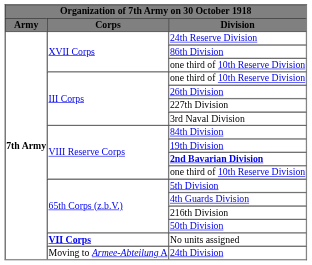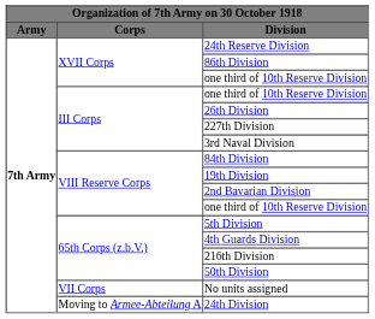 <table style="float: right;" border="1" cellpadding="1" cellspacing="0" style="font-size: 100%; border: gray solid 1px; border-collapse: collapse; text-align: center;">
 <tr style="background-color:grey; color:black;">
 <th colspan="3">Organization of 7th Army on 30 October 1918</th>
 </tr>
 <tr>
 </tr>
 <tr style="background-color:grey; color:black;">
 <th>Army</th>
 <th>Corps</th>
 <th>Division</th>
 </tr>
 <tr>
 <td ROWSPAN=17><strong>7th Army</strong></td>
 <td ROWSPAN=3><a href='#'>XVII Corps</a></td>
 <td><a href='#'>24th Reserve Division</a></td>
 </tr>
 <tr>
 <td><a href='#'>86th Division</a></td>
 </tr>
 <tr>
 <td>one third of <a href='#'>10th Reserve Division</a></td>
 </tr>
 <tr>
 <td ROWSPAN=4><a href='#'>III Corps</a></td>
 <td>one third of <a href='#'>10th Reserve Division</a></td>
 </tr>
 <tr>
 <td><a href='#'>26th Division</a></td>
 </tr>
 <tr>
 <td>227th Division</td>
 </tr>
 <tr>
 <td>3rd Naval Division</td>
 </tr>
 <tr>
 <td ROWSPAN=4><a href='#'>VIII Reserve Corps</a></td>
 <td><a href='#'>84th Division</a></td>
 </tr>
 <tr>
 <td><a href='#'>19th Division</a></td>
 </tr>
 <tr>
-<td><strong><a href='#'>2nd Bavarian Division</a></strong></td>
+<td><a href='#'>2nd Bavarian Division</a></td>
 </tr>
 <tr>
 <td>one third of <a href='#'>10th Reserve Division</a></td>
 </tr>
 <tr>
 <td ROWSPAN=4><a href='#'>65th Corps (z.b.V.)</a></td>
 <td><a href='#'>5th Division</a></td>
 </tr>
 <tr>
 <td><a href='#'>4th Guards Division</a></td>
 </tr>
 <tr>
 <td>216th Division</td>
 </tr>
 <tr>
 <td><a href='#'>50th Division</a></td>
 </tr>
 <tr>
-<td ROWSPAN=1><strong><a href='#'>VII Corps</a></strong></td>
+<td ROWSPAN=1><a href='#'>VII Corps</a></td>
 <td>No units assigned</td>
 </tr>
 <tr>
 <td ROWSPAN=1>Moving to <a href='#'><em>Armee-Abteilung</em> A</a></td>
 <td><a href='#'>24th Division</a></td>
 </tr>
 <tr>
 </tr>
 </table>
